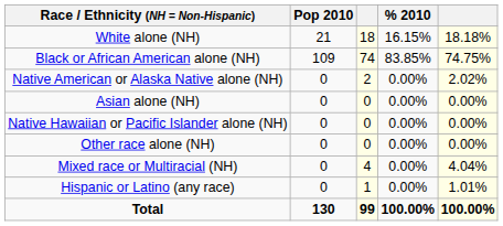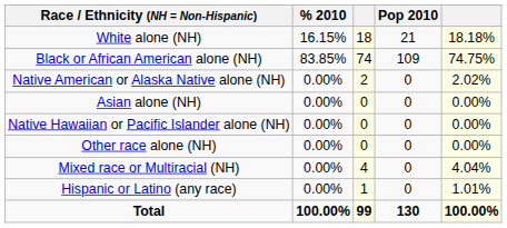 <table class="wikitable" style="text-align:center;">
 <tr>
 <th>Race / Ethnicity <small>(<em>NH = Non-Hispanic</em>)</small></th>
+<th>% 2010</th>
+<th></th>
 <th>Pop 2010</th>
-<th></th>
-<th>% 2010</th>
 <th></th>
 </tr>
 <tr>
 <td><a href='#'>White</a> alone (NH)</td>
+<td>16.15%</td>
+<td style='background: #ffffe6;'>18</td>
 <td>21</td>
-<td style='background: #ffffe6;'>18</td>
-<td>16.15%</td>
 <td style='background: #ffffe6;'>18.18%</td>
 </tr>
 <tr>
 <td><a href='#'>Black or African American</a> alone (NH)</td>
+<td>83.85%</td>
+<td style='background: #ffffe6;'>74</td>
 <td>109</td>
-<td style='background: #ffffe6;'>74</td>
-<td>83.85%</td>
 <td style='background: #ffffe6;'>74.75%</td>
 </tr>
 <tr>
 <td><a href='#'>Native American</a> or <a href='#'>Alaska Native</a> alone (NH)</td>
+<td>0.00%</td>
+<td style='background: #ffffe6;'>2</td>
 <td>0</td>
-<td style='background: #ffffe6;'>2</td>
-<td>0.00%</td>
 <td style='background: #ffffe6;'>2.02%</td>
 </tr>
 <tr>
 <td><a href='#'>Asian</a> alone (NH)</td>
+<td>0.00%</td>
+<td style='background: #ffffe6;'>0</td>
 <td>0</td>
-<td style='background: #ffffe6;'>0</td>
-<td>0.00%</td>
 <td style='background: #ffffe6;'>0.00%</td>
 </tr>
 <tr>
 <td><a href='#'>Native Hawaiian</a> or <a href='#'>Pacific Islander</a> alone (NH)</td>
+<td>0.00%</td>
+<td style='background: #ffffe6;'>0</td>
 <td>0</td>
-<td style='background: #ffffe6;'>0</td>
-<td>0.00%</td>
 <td style='background: #ffffe6;'>0.00%</td>
 </tr>
 <tr>
 <td><a href='#'>Other race</a> alone (NH)</td>
+<td>0.00%</td>
+<td style='background: #ffffe6;'>0</td>
 <td>0</td>
-<td style='background: #ffffe6;'>0</td>
-<td>0.00%</td>
 <td style='background: #ffffe6;'>0.00%</td>
 </tr>
 <tr>
 <td><a href='#'>Mixed race or Multiracial</a> (NH)</td>
+<td>0.00%</td>
+<td style='background: #ffffe6;'>4</td>
 <td>0</td>
-<td style='background: #ffffe6;'>4</td>
-<td>0.00%</td>
 <td style='background: #ffffe6;'>4.04%</td>
 </tr>
 <tr>
 <td><a href='#'>Hispanic or Latino</a> (any race)</td>
+<td>0.00%</td>
+<td style='background: #ffffe6;'>1</td>
 <td>0</td>
-<td style='background: #ffffe6;'>1</td>
-<td>0.00%</td>
 <td style='background: #ffffe6;'>1.01%</td>
 </tr>
 <tr>
 <td><strong>Total</strong></td>
+<td><strong>100.00%</strong></td>
+<td style='background: #ffffe6;'><strong>99</strong></td>
 <td><strong>130</strong></td>
-<td style='background: #ffffe6;'><strong>99</strong></td>
-<td><strong>100.00%</strong></td>
 <td style='background: #ffffe6;'><strong>100.00%</strong></td>
 </tr>
 </table>
